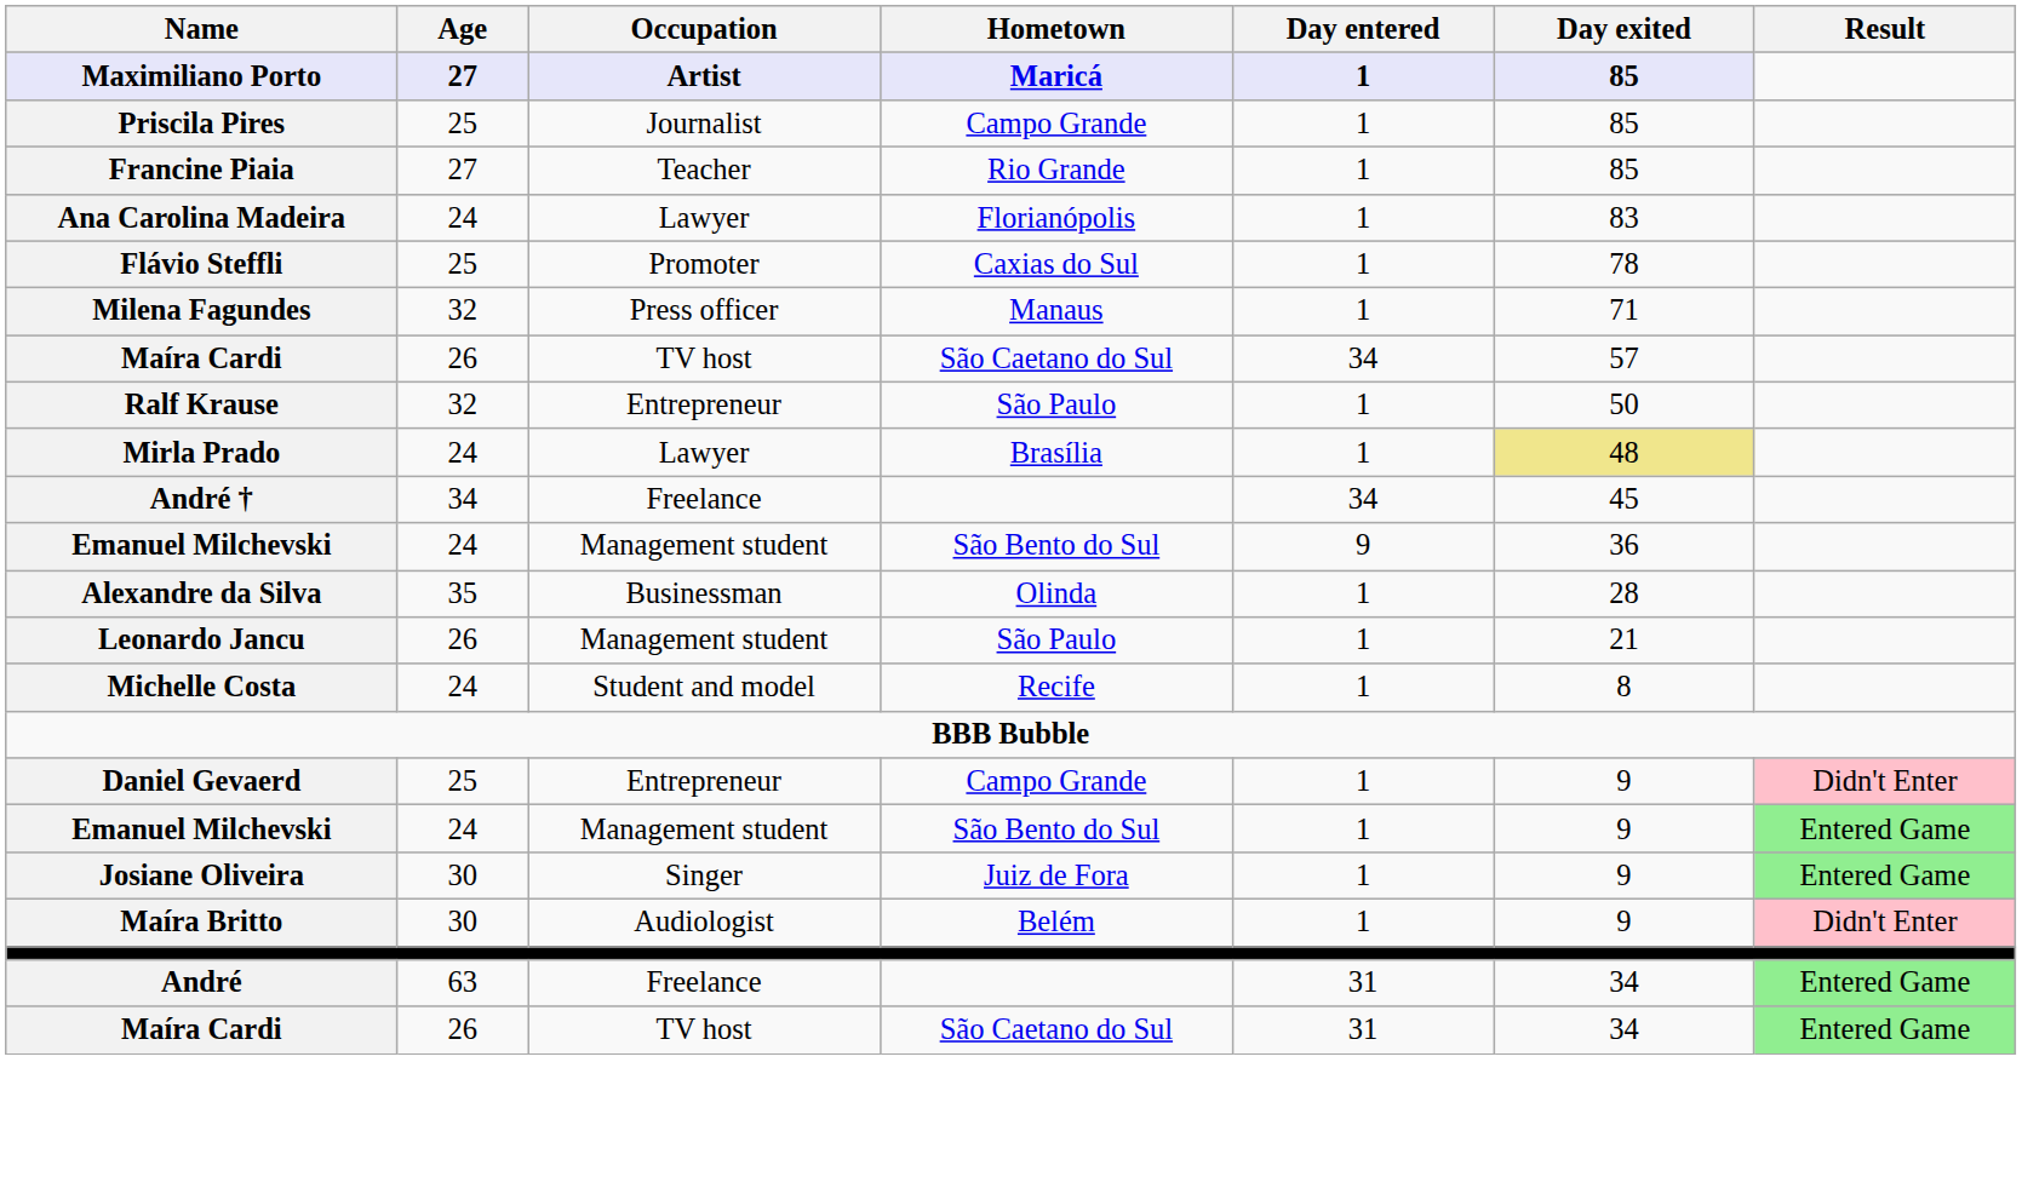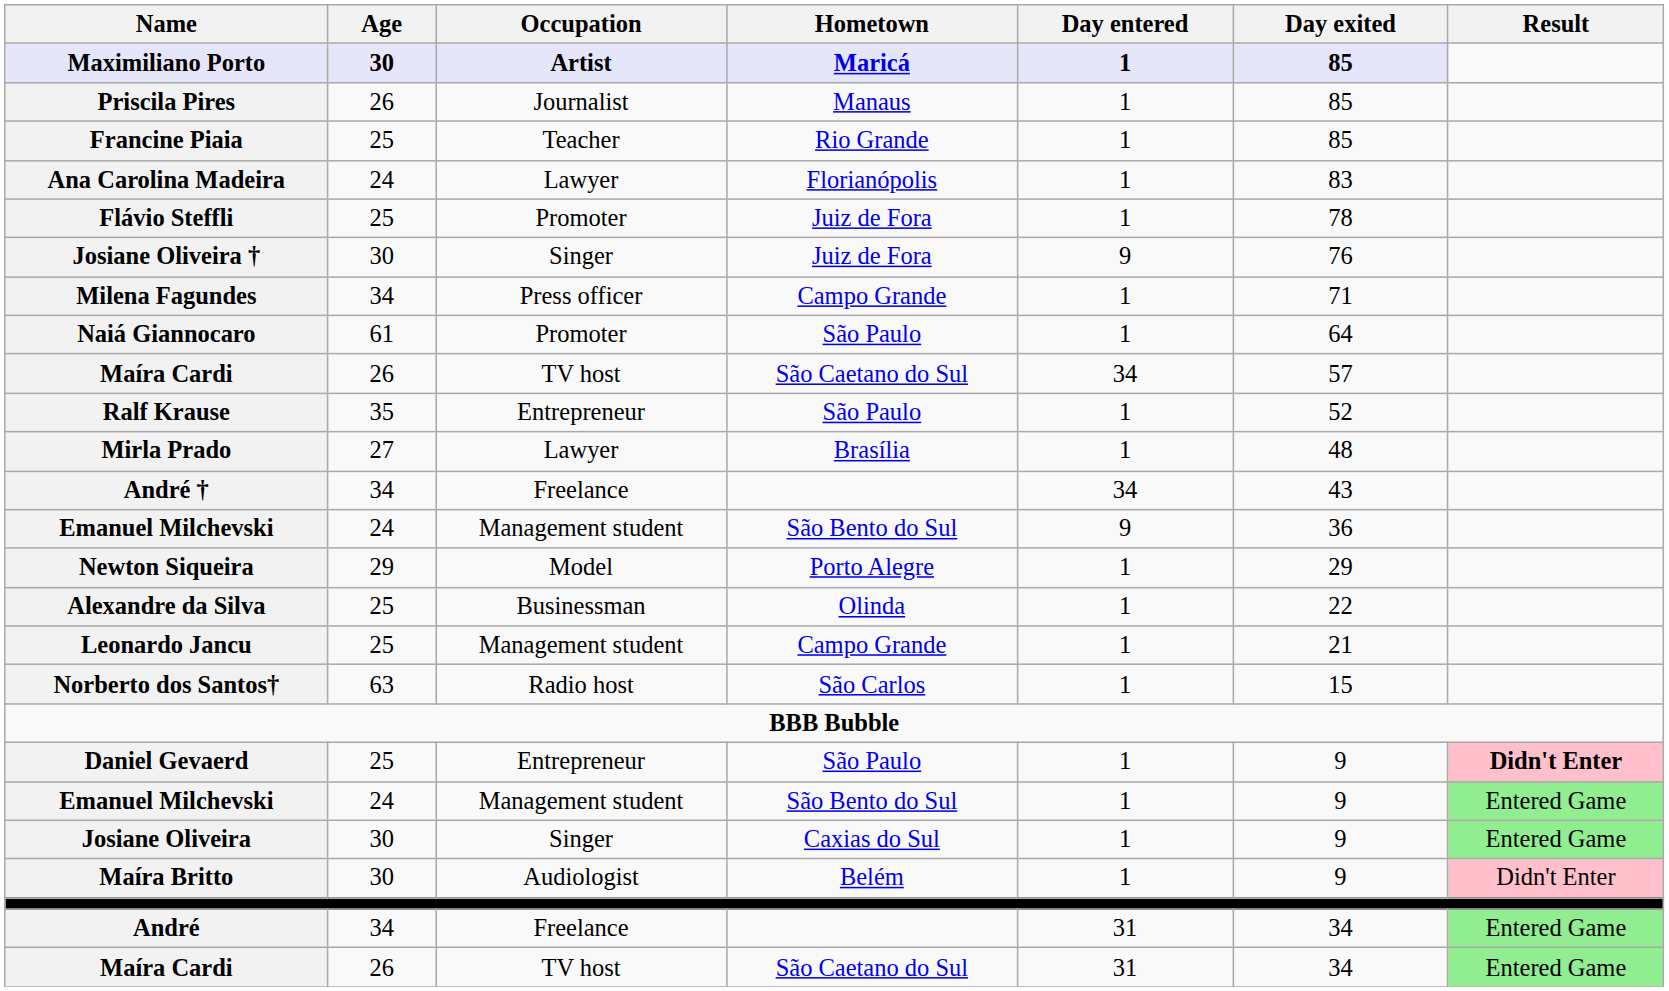 <table class="wikitable sortable" style="text-align:center;">
 <tr>
 <th scope="col" width="15.0%">Name</th>
 <th scope="col" width="05.0%">Age</th>
 <th scope="col" width="13.5%">Occupation</th>
 <th scope="col" width="13.5%">Hometown</th>
 <th scope="col" width="10.0%">Day entered</th>
 <th scope="col" width="10.0%">Day exited</th>
 <th scope="col" width="10.0%">Result</th>
 </tr>
 <tr>
 <td bgcolor="E6E6FA"><strong>Maximiliano Porto</strong></td>
-<td bgcolor="E6E6FA"><strong>27</strong></td>
+<td bgcolor="E6E6FA"><strong>30</strong></td>
 <td bgcolor="E6E6FA"><strong>Artist</strong></td>
 <td bgcolor="E6E6FA"><strong><a href='#'>Maricá</a></strong></td>
 <td bgcolor="E6E6FA"><strong>1</strong></td>
 <td bgcolor="E6E6FA"><strong>85</strong></td>
 <td></td>
 </tr>
 <tr>
 <th>Priscila Pires</th>
-<td>25</td>
+<td>26</td>
 <td>Journalist</td>
-<td><a href='#'>Campo Grande</a></td>
+<td><a href='#'>Manaus</a></td>
 <td>1</td>
 <td>85</td>
 <td></td>
 </tr>
 <tr>
 <th>Francine Piaia</th>
-<td>27</td>
+<td>25</td>
 <td>Teacher</td>
 <td><a href='#'>Rio Grande</a></td>
 <td>1</td>
 <td>85</td>
 <td></td>
 </tr>
 <tr>
 <th>Ana Carolina Madeira</th>
 <td>24</td>
 <td>Lawyer</td>
 <td><a href='#'>Florianópolis</a></td>
 <td>1</td>
 <td>83</td>
 <td></td>
 </tr>
 <tr>
 <th>Flávio Steffli</th>
 <td>25</td>
 <td>Promoter</td>
-<td><a href='#'>Caxias do Sul</a></td>
+<td><a href='#'>Juiz de Fora</a></td>
 <td>1</td>
 <td>78</td>
 <td></td>
 </tr>
 <tr>
+<th>Josiane Oliveira †</th>
+<td>30</td>
+<td>Singer</td>
+<td><a href='#'>Juiz de Fora</a></td>
+<td>9</td>
+<td>76</td>
+<td></td>
+</tr>
+<tr>
 <th>Milena Fagundes</th>
-<td>32</td>
+<td>34</td>
 <td>Press officer</td>
-<td><a href='#'>Manaus</a></td>
+<td><a href='#'>Campo Grande</a></td>
 <td>1</td>
 <td>71</td>
+<td></td>
+</tr>
+<tr>
+<th>Naiá Giannocaro</th>
+<td>61</td>
+<td>Promoter</td>
+<td><a href='#'>São Paulo</a></td>
+<td>1</td>
+<td>64</td>
 <td></td>
 </tr>
 <tr>
 <th>Maíra Cardi</th>
 <td>26</td>
 <td>TV host</td>
 <td><a href='#'>São Caetano do Sul</a></td>
 <td>34</td>
 <td>57</td>
 <td></td>
 </tr>
 <tr>
 <th>Ralf Krause</th>
-<td>32</td>
+<td>35</td>
 <td>Entrepreneur</td>
 <td><a href='#'>São Paulo</a></td>
 <td>1</td>
-<td>50</td>
+<td>52</td>
 <td></td>
 </tr>
 <tr>
 <th>Mirla Prado</th>
-<td>24</td>
+<td>27</td>
 <td>Lawyer</td>
 <td><a href='#'>Brasília</a></td>
 <td>1</td>
-<td style="background: khaki;">48</td>
+<td>48</td>
 <td></td>
 </tr>
 <tr>
 <th>André †</th>
 <td>34</td>
 <td>Freelance</td>
 <td></td>
 <td>34</td>
-<td>45</td>
+<td>43</td>
 <td></td>
 </tr>
 <tr>
 <th>Emanuel Milchevski</th>
 <td>24</td>
 <td>Management student</td>
 <td><a href='#'>São Bento do Sul</a></td>
 <td>9</td>
 <td>36</td>
 <td></td>
 </tr>
 <tr>
+<th>Newton Siqueira</th>
+<td>29</td>
+<td>Model</td>
+<td><a href='#'>Porto Alegre</a></td>
+<td>1</td>
+<td>29</td>
+<td></td>
+</tr>
+<tr>
 <th>Alexandre da Silva</th>
-<td>35</td>
+<td>25</td>
 <td>Businessman</td>
 <td><a href='#'>Olinda</a></td>
 <td>1</td>
-<td>28</td>
+<td>22</td>
 <td></td>
 </tr>
 <tr>
 <th>Leonardo Jancu</th>
-<td>26</td>
+<td>25</td>
 <td>Management student</td>
-<td><a href='#'>São Paulo</a></td>
+<td><a href='#'>Campo Grande</a></td>
 <td>1</td>
 <td>21</td>
 <td></td>
 </tr>
 <tr>
-<th>Michelle Costa</th>
-<td>24</td>
-<td>Student and model</td>
-<td><a href='#'>Recife</a></td>
+<th>Norberto dos Santos†</th>
+<td>63</td>
+<td>Radio host</td>
+<td><a href='#'>São Carlos</a></td>
 <td>1</td>
-<td>8</td>
+<td>15</td>
 <td></td>
 </tr>
 <tr>
 <td colspan=7 align=center><strong>BBB Bubble</strong></td>
 </tr>
 <tr>
 <th>Daniel Gevaerd</th>
 <td>25</td>
 <td>Entrepreneur</td>
-<td><a href='#'>Campo Grande</a></td>
+<td><a href='#'>São Paulo</a></td>
 <td>1</td>
 <td>9</td>
-<td style="background:#FFC0CB;">Didn't Enter</td>
+<td style="background:#FFC0CB;"><strong>Didn't Enter</strong></td>
 </tr>
 <tr>
 <th>Emanuel Milchevski</th>
 <td>24</td>
 <td>Management student</td>
 <td><a href='#'>São Bento do Sul</a></td>
 <td>1</td>
 <td>9</td>
 <td style="background:#90EE90;">Entered Game</td>
 </tr>
 <tr>
 <th>Josiane Oliveira</th>
 <td>30</td>
 <td>Singer</td>
-<td><a href='#'>Juiz de Fora</a></td>
+<td><a href='#'>Caxias do Sul</a></td>
 <td>1</td>
 <td>9</td>
 <td style="background:#90EE90;">Entered Game</td>
 </tr>
 <tr>
 <th>Maíra Britto</th>
 <td>30</td>
 <td>Audiologist</td>
 <td><a href='#'>Belém</a></td>
 <td>1</td>
 <td>9</td>
 <td style="background:#FFC0CB;">Didn't Enter</td>
 </tr>
 <tr>
 <td colspan=7 bgcolor=#000000></td>
 </tr>
 <tr>
 <th>André </th>
-<td>63</td>
+<td>34</td>
 <td>Freelance</td>
 <td></td>
 <td>31</td>
 <td>34</td>
 <td style="background:#90EE90;">Entered Game</td>
 </tr>
 <tr>
 <th>Maíra Cardi</th>
 <td>26</td>
 <td>TV host</td>
 <td><a href='#'>São Caetano do Sul</a></td>
 <td>31</td>
 <td>34</td>
 <td style="background:#90EE90;">Entered Game</td>
 </tr>
 </table>
